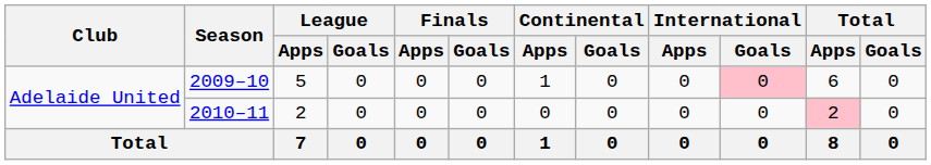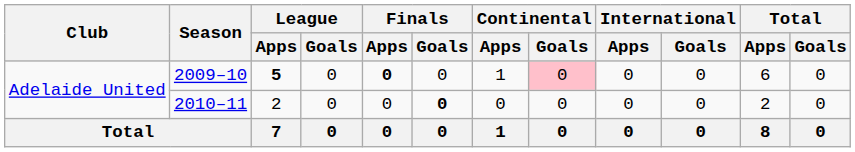 <table class="wikitable" style="text-align: center;">
 <tr>
 <th rowspan="2">Club</th>
 <th rowspan="2">Season</th>
 <th colspan="2">League</th>
 <th colspan="2">Finals</th>
 <th colspan="2">Continental</th>
 <th colspan="2">International</th>
 <th colspan="2">Total</th>
 </tr>
 <tr>
 <th>Apps</th>
 <th>Goals</th>
 <th>Apps</th>
 <th>Goals</th>
 <th>Apps</th>
 <th>Goals</th>
 <th>Apps</th>
 <th>Goals</th>
 <th>Apps</th>
 <th>Goals</th>
 </tr>
 <tr>
 <td rowspan="2"><a href='#'>Adelaide United</a></td>
 <td><a href='#'>2009–10</a></td>
-<td>5</td>
+<td><strong>5</strong></td>
+<td>0</td>
+<td><strong>0</strong></td>
+<td>0</td>
+<td>1</td>
+<td style="background: pink;">0</td>
 <td>0</td>
 <td>0</td>
-<td>0</td>
-<td>1</td>
-<td>0</td>
-<td>0</td>
-<td style="background: pink;">0</td>
 <td>6</td>
 <td>0</td>
 </tr>
 <tr>
 <td><a href='#'>2010–11</a></td>
 <td>2</td>
 <td>0</td>
 <td>0</td>
+<td><strong>0</strong></td>
 <td>0</td>
 <td>0</td>
 <td>0</td>
 <td>0</td>
-<td>0</td>
-<td style="background: pink;">2</td>
+<td>2</td>
 <td>0</td>
 </tr>
 <tr>
 <th colspan="2">Total</th>
 <th>7</th>
 <th>0</th>
 <th>0</th>
 <th>0</th>
 <th>1</th>
 <th>0</th>
 <th>0</th>
 <th>0</th>
 <th>8</th>
 <th>0</th>
 </tr>
 </table>
